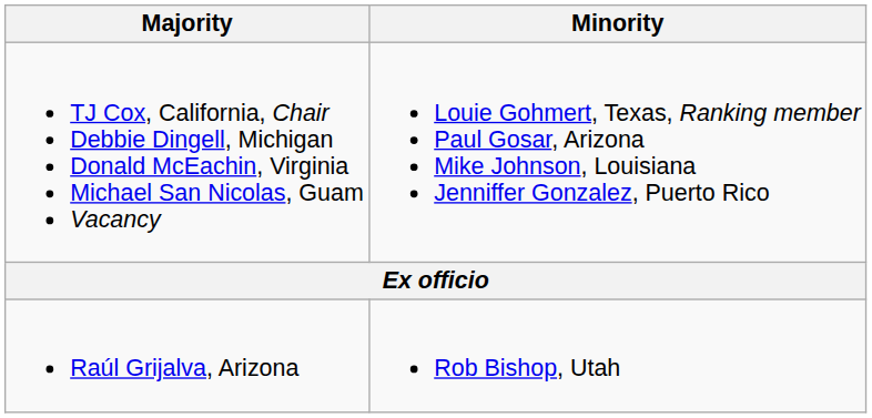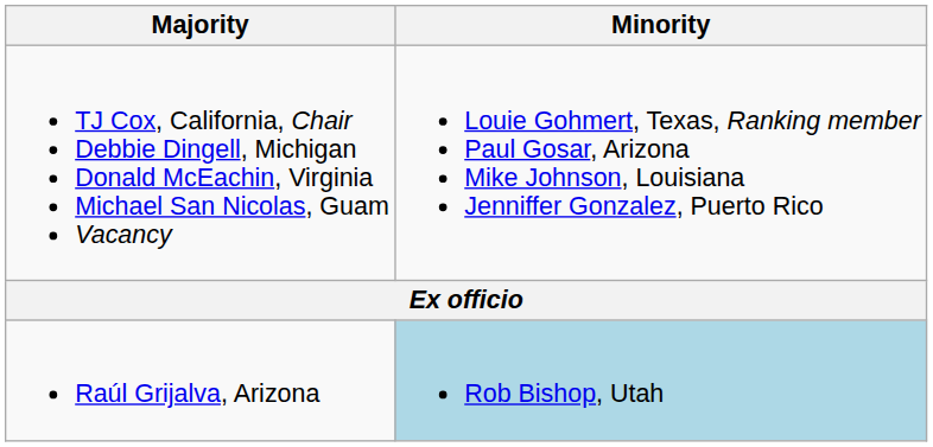 <table class=wikitable>
 <tr>
 <th>Majority</th>
 <th>Minority</th>
 </tr>
 <tr valign=top>
 <td><br><ul><li><a href='#'>TJ Cox</a>, California, <em>Chair</em></li><li><a href='#'>Debbie Dingell</a>, Michigan</li><li><a href='#'>Donald McEachin</a>, Virginia</li><li><a href='#'>Michael San Nicolas</a>, Guam</li><li><em>Vacancy</em></li></ul></td>
 <td><br><ul><li><a href='#'>Louie Gohmert</a>, Texas, <em>Ranking member</em></li><li><a href='#'>Paul Gosar</a>, Arizona</li><li><a href='#'>Mike Johnson</a>, Louisiana</li><li><a href='#'>Jenniffer Gonzalez</a>, Puerto Rico</li></ul></td>
 </tr>
 <tr>
 <th colspan=2><em>Ex officio</em></th>
 </tr>
 <tr>
 <td><br><ul><li><a href='#'>Raúl Grijalva</a>, Arizona</li></ul></td>
-<td><br><ul><li><a href='#'>Rob Bishop</a>, Utah</li></ul></td>
+<td style="background: lightblue;"><br><ul><li><a href='#'>Rob Bishop</a>, Utah</li></ul></td>
 </tr>
 </table>
